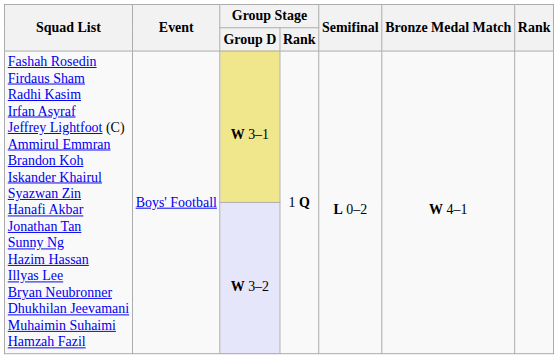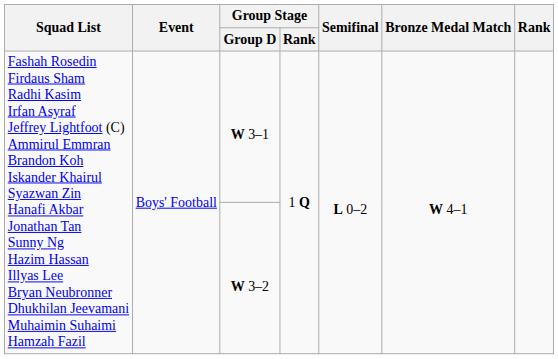 <table class=wikitable style="font-size:90%">
 <tr>
 <th rowspan=2>Squad List</th>
 <th rowspan=2>Event</th>
 <th colspan=2>Group Stage</th>
 <th rowspan=2>Semifinal</th>
 <th rowspan=2>Bronze Medal Match</th>
 <th rowspan=2>Rank</th>
 </tr>
 <tr>
 <th>Group D</th>
 <th>Rank</th>
 </tr>
 <tr>
 <td rowspan=2><a href='#'>Fashah Rosedin</a><br><a href='#'>Firdaus Sham</a><br><a href='#'>Radhi Kasim</a><br><a href='#'>Irfan Asyraf</a><br><a href='#'>Jeffrey Lightfoot</a> (C)<br><a href='#'>Ammirul Emmran</a><br><a href='#'>Brandon Koh</a><br><a href='#'>Iskander Khairul</a><br><a href='#'>Syazwan Zin</a><br><a href='#'>Hanafi Akbar</a><br><a href='#'>Jonathan Tan</a><br><a href='#'>Sunny Ng</a><br><a href='#'>Hazim Hassan</a><br><a href='#'>Illyas Lee</a><br><a href='#'>Bryan Neubronner</a><br><a href='#'>Dhukhilan Jeevamani</a><br><a href='#'>Muhaimin Suhaimi</a><br><a href='#'>Hamzah Fazil</a></td>
 <td rowspan=2><a href='#'>Boys' Football</a></td>
-<td align=center style="background: khaki;"><br> <strong>W</strong> 3–1</td>
+<td align=center><br> <strong>W</strong> 3–1</td>
 <td rowspan=2 align=center>1 <strong>Q</strong></td>
 <td rowspan=2 align=center><br> <strong>L</strong> 0–2</td>
 <td rowspan=2 align=center><br> <strong>W</strong> 4–1</td>
 <td rowspan=2 align=center></td>
 </tr>
 <tr>
-<td align=center style="background: lavender;"><br> <strong>W</strong> 3–2</td>
+<td align=center><br> <strong>W</strong> 3–2</td>
 </tr>
 </table>
